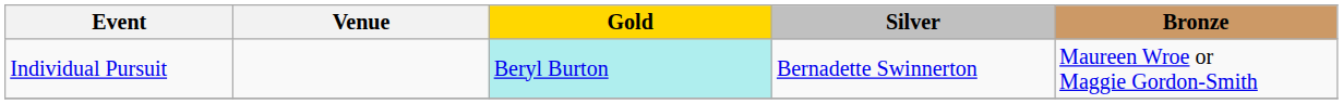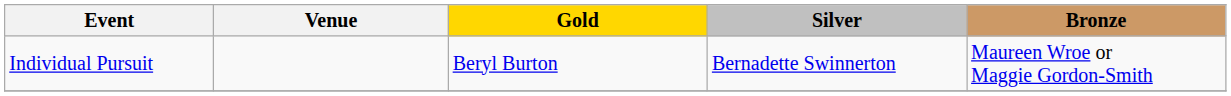 <table class="wikitable" style="font-size: 100%">
 <tr>
 <th width=160>Event</th>
 <th width=180>Venue</th>
 <th width=200 style="background-color: gold;">Gold</th>
 <th width=200 style="background-color: silver;">Silver</th>
 <th width=200 style="background-color: #cc9966;">Bronze</th>
 </tr>
 <tr>
 <td><a href='#'>Individual Pursuit</a></td>
 <td></td>
-<td style="background: paleturquoise;"><a href='#'>Beryl Burton</a></td>
+<td><a href='#'>Beryl Burton</a></td>
 <td><a href='#'>Bernadette Swinnerton</a></td>
 <td><a href='#'>Maureen Wroe</a> or<br> <a href='#'>Maggie Gordon-Smith</a></td>
 </tr>
 <tr>
 </tr>
 </table>
